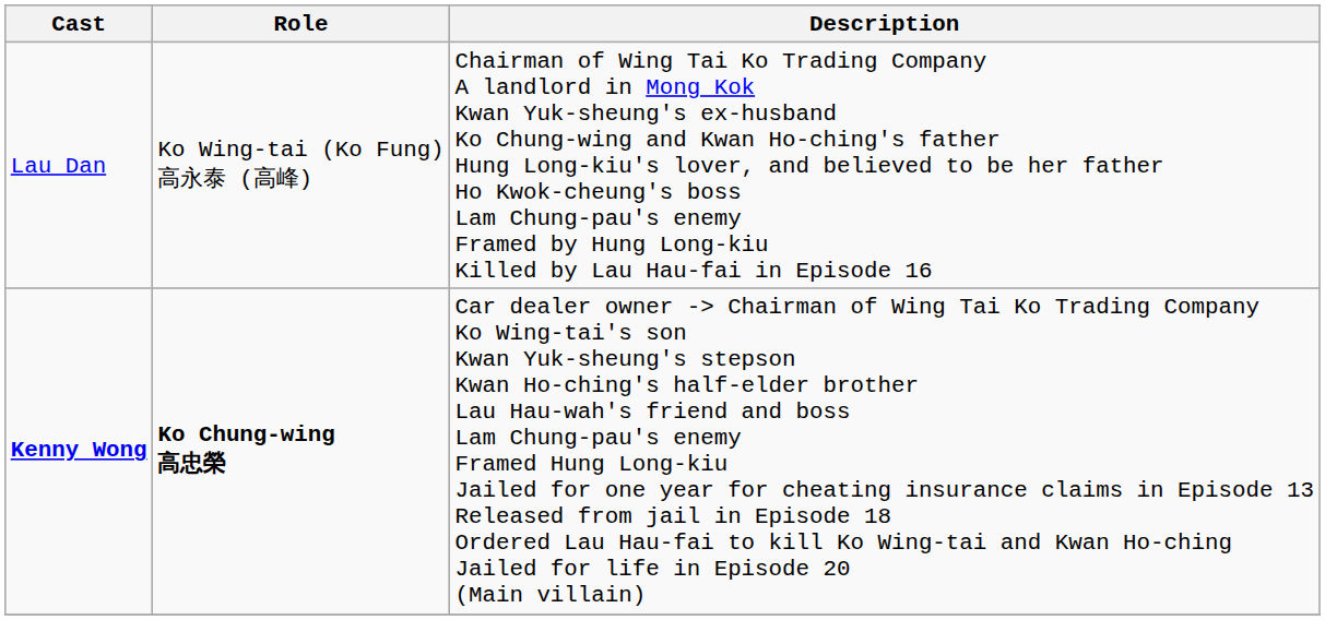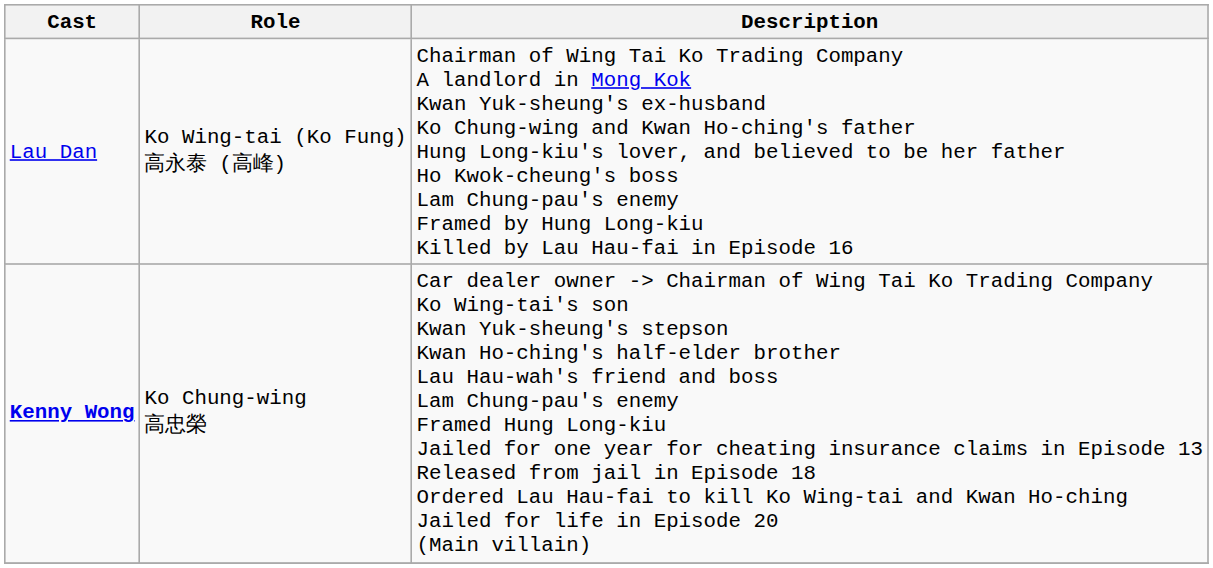 <table class="wikitable">
 <tr>
 <th>Cast</th>
 <th>Role</th>
 <th>Description</th>
 </tr>
 <tr>
 <td><a href='#'>Lau Dan</a></td>
 <td>Ko Wing-tai (Ko Fung)<br>高永泰 (高峰)</td>
 <td>Chairman of Wing Tai Ko Trading Company<br>A landlord in <a href='#'>Mong Kok</a><br>Kwan Yuk-sheung's ex-husband<br>Ko Chung-wing and Kwan Ho-ching's father<br>Hung Long-kiu's lover, and believed to be her father<br>Ho Kwok-cheung's boss<br>Lam Chung-pau's enemy<br>Framed by Hung Long-kiu<br>Killed by Lau Hau-fai in Episode 16</td>
 </tr>
 <tr>
 <td><strong><a href='#'>Kenny Wong</a></strong></td>
-<td><strong>Ko Chung-wing<br>高忠榮</strong></td>
+<td>Ko Chung-wing<br>高忠榮</td>
 <td>Car dealer owner -> Chairman of Wing Tai Ko Trading Company<br>Ko Wing-tai's son<br>Kwan Yuk-sheung's stepson<br>Kwan Ho-ching's half-elder brother<br>Lau Hau-wah's friend and boss<br>Lam Chung-pau's enemy<br>Framed Hung Long-kiu<br>Jailed for one year for cheating insurance claims in Episode 13<br>Released from jail in Episode 18<br>Ordered Lau Hau-fai to kill Ko Wing-tai and Kwan Ho-ching<br>Jailed for life in Episode 20<br>(Main villain)</td>
 </tr>
 <tr>
 </tr>
 </table>
